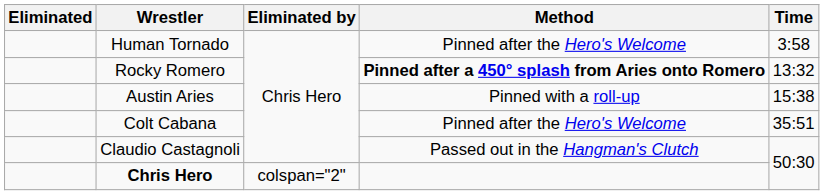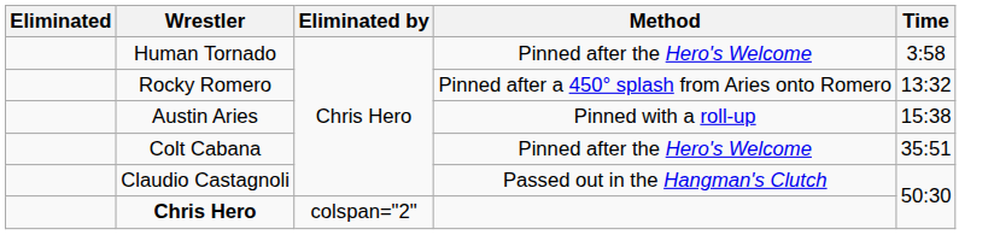 <table class="wikitable sortable" style="text-align:center;">
 <tr>
 <th>Eliminated</th>
 <th>Wrestler</th>
 <th>Eliminated by</th>
 <th>Method</th>
 <th>Time</th>
 </tr>
 <tr>
 <td></td>
 <td>Human Tornado</td>
 <td rowspan=5>Chris Hero</td>
 <td>Pinned after the <em><a href='#'>Hero's Welcome</a></em></td>
 <td>3:58</td>
 </tr>
 <tr>
 <td></td>
 <td>Rocky Romero</td>
-<td><strong>Pinned after a <a href='#'>450° splash</a> from Aries onto Romero</strong></td>
+<td>Pinned after a <a href='#'>450° splash</a> from Aries onto Romero</td>
 <td>13:32</td>
 </tr>
 <tr>
 <td></td>
 <td>Austin Aries</td>
 <td>Pinned with a <a href='#'>roll-up</a></td>
 <td>15:38</td>
 </tr>
 <tr>
 <td></td>
 <td>Colt Cabana</td>
 <td>Pinned after the <em><a href='#'>Hero's Welcome</a></em></td>
 <td>35:51</td>
 </tr>
 <tr>
 <td></td>
 <td>Claudio Castagnoli</td>
 <td>Passed out in the <em><a href='#'>Hangman's Clutch</a></em></td>
 <td rowspan=2>50:30</td>
 </tr>
 <tr>
 <td></td>
 <td><strong>Chris Hero</strong></td>
 <td>colspan="2" </td>
 </tr>
 </table>
